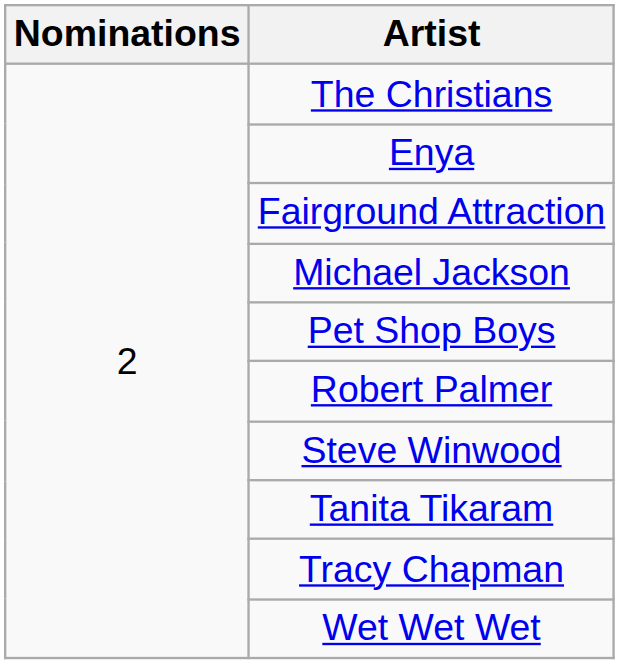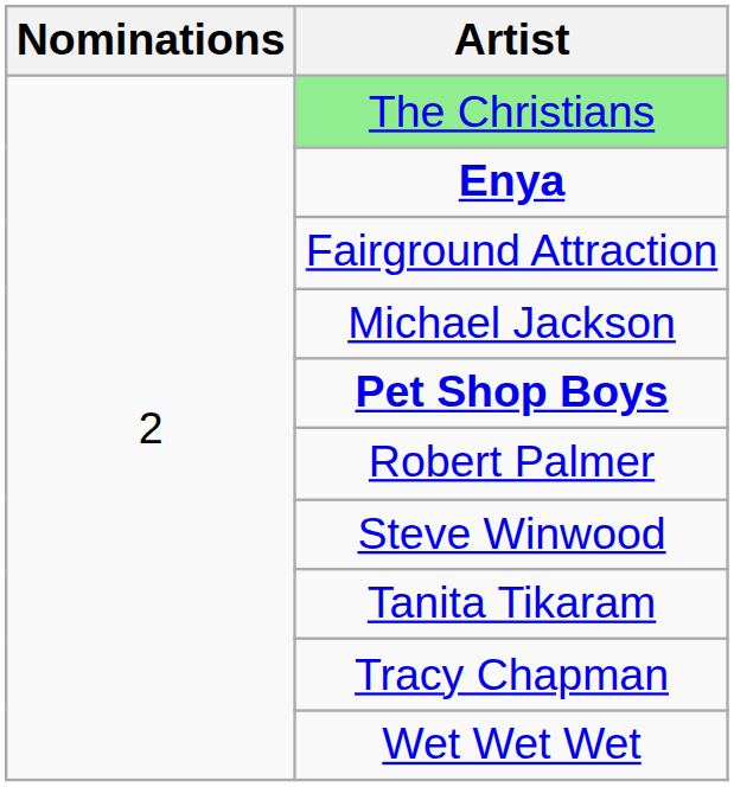 <table class="wikitable" rowspan="2" style="text-align:center;">
 <tr>
 <th scope="col" style="width:55px;">Nominations</th>
 <th scope="col" style="text-align:center;">Artist</th>
 </tr>
 <tr>
 <td rowspan="10">2</td>
-<td><a href='#'>The Christians</a></td>
+<td style="background: lightgreen;"><a href='#'>The Christians</a></td>
 </tr>
 <tr>
-<td><a href='#'>Enya</a></td>
+<td><strong><a href='#'>Enya</a></strong></td>
 </tr>
 <tr>
 <td><a href='#'>Fairground Attraction</a></td>
 </tr>
 <tr>
 <td><a href='#'>Michael Jackson</a></td>
 </tr>
 <tr>
-<td><a href='#'>Pet Shop Boys</a></td>
+<td><strong><a href='#'>Pet Shop Boys</a></strong></td>
 </tr>
 <tr>
 <td><a href='#'>Robert Palmer</a></td>
 </tr>
 <tr>
 <td><a href='#'>Steve Winwood</a></td>
 </tr>
 <tr>
 <td><a href='#'>Tanita Tikaram</a></td>
 </tr>
 <tr>
 <td><a href='#'>Tracy Chapman</a></td>
 </tr>
 <tr>
 <td><a href='#'>Wet Wet Wet</a></td>
 </tr>
 </table>
